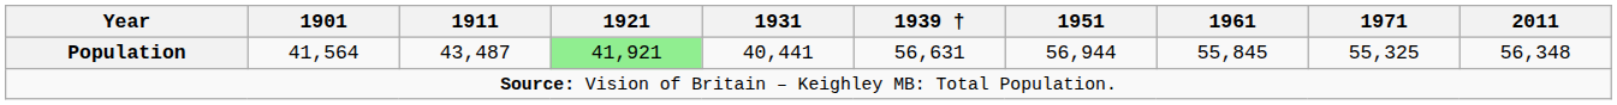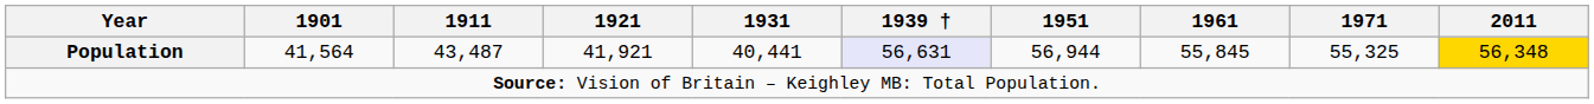 <table class="wikitable" style="text-align: center;">
 <tr>
 <th style="width:8%;">Year</th>
 <th style="width:5%;"> 1901</th>
 <th style="width:5%;"> 1911</th>
 <th style="width:5%;"> 1921</th>
 <th style="width:5%;"> 1931</th>
 <th style="width:5%;"> 1939 †</th>
 <th style="width:5%;"> 1951</th>
 <th style="width:5%;"> 1961</th>
 <th style="width:5%;"> 1971</th>
 <th style="width:5%;"> 2011</th>
 </tr>
 <tr>
 <th>Population</th>
 <td> 41,564</td>
 <td> 43,487</td>
-<td style="background: lightgreen;"> 41,921</td>
+<td> 41,921</td>
 <td> 40,441</td>
-<td> 56,631</td>
+<td style="background: lavender;"> 56,631</td>
 <td> 56,944</td>
 <td> 55,845</td>
 <td> 55,325</td>
-<td>56,348</td>
+<td style="background: gold;">56,348</td>
 </tr>
 <tr>
 <td colspan="10" style="text-align:center;font-size:90%;"><strong>Source:</strong> Vision of Britain – Keighley MB: Total Population.</td>
 </tr>
 </table>
